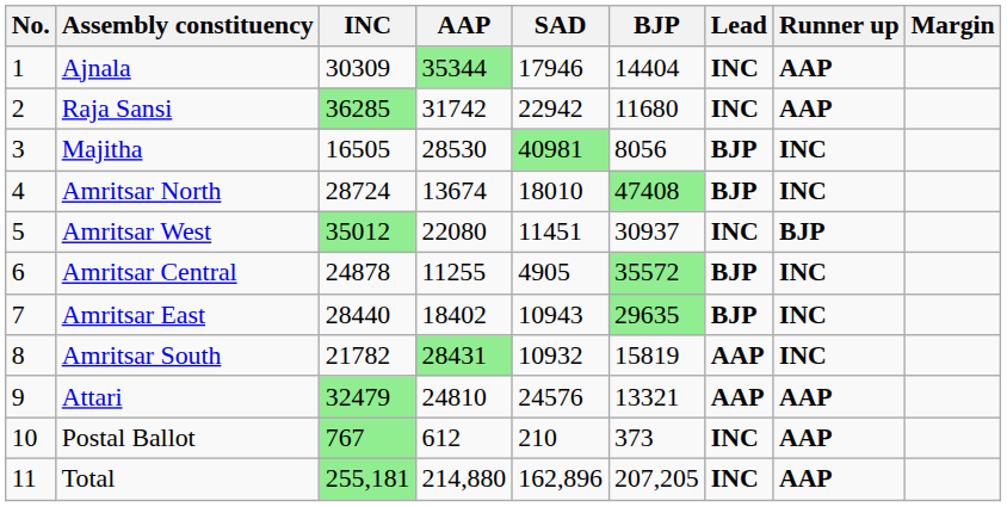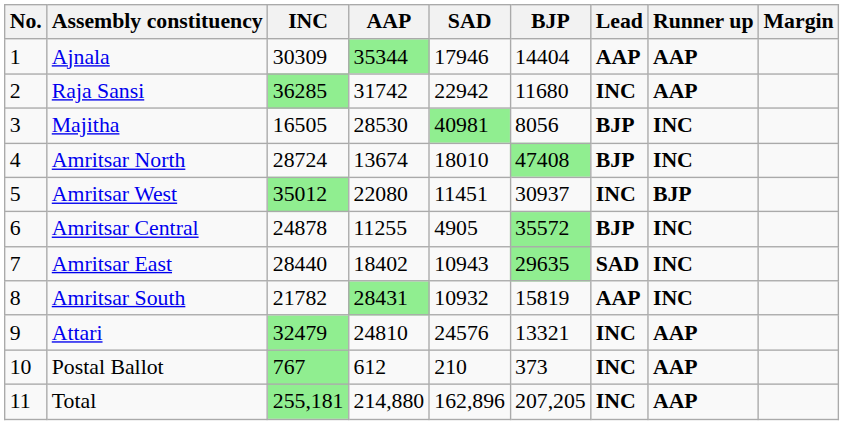 <table class="wikitable sortable">
 <tr>
 <th>No.</th>
 <th>Assembly constituency</th>
 <th>INC</th>
 <th>AAP</th>
 <th>SAD</th>
 <th>BJP</th>
 <th>Lead</th>
 <th>Runner up</th>
 <th>Margin</th>
 </tr>
 <tr>
 <td>1</td>
 <td><a href='#'>Ajnala</a></td>
 <td>30309</td>
 <td bgcolor="lightgreen">35344</td>
 <td>17946</td>
 <td>14404</td>
-<td style="background: "><strong>INC</strong></td>
+<td style="background: "><span><strong>AAP</strong></span></td>
 <td style="background: "><span><strong>AAP</strong></span></td>
 <td></td>
 </tr>
 <tr>
 <td>2</td>
 <td><a href='#'>Raja Sansi</a></td>
 <td bgcolor="lightgreen">36285</td>
 <td>31742</td>
 <td>22942</td>
 <td>11680</td>
 <td style="background: "><strong>INC</strong></td>
 <td style="background: "><span><strong>AAP</strong></span></td>
 <td></td>
 </tr>
 <tr>
 <td>3</td>
 <td><a href='#'>Majitha</a></td>
 <td>16505</td>
 <td>28530</td>
 <td bgcolor="lightgreen">40981</td>
 <td>8056</td>
 <td style="background:"><strong>BJP</strong></td>
 <td style="background: "><strong>INC</strong></td>
 <td></td>
 </tr>
 <tr>
 <td>4</td>
 <td><a href='#'>Amritsar North</a></td>
 <td>28724</td>
 <td>13674</td>
 <td>18010</td>
 <td bgcolor="lightgreen">47408</td>
 <td style="background:"><strong>BJP</strong></td>
 <td style="background: "><strong>INC</strong></td>
 <td></td>
 </tr>
 <tr>
 <td>5</td>
 <td><a href='#'>Amritsar West</a></td>
 <td bgcolor="lightgreen">35012</td>
 <td>22080</td>
 <td>11451</td>
 <td>30937</td>
 <td style="background: "><strong>INC</strong></td>
 <td style="background:"><strong>BJP</strong></td>
 <td></td>
 </tr>
 <tr>
 <td>6</td>
 <td><a href='#'>Amritsar Central</a></td>
 <td>24878</td>
 <td>11255</td>
 <td>4905</td>
 <td bgcolor="lightgreen">35572</td>
 <td style="background:"><strong>BJP</strong></td>
 <td style="background: "><strong>INC</strong></td>
 <td></td>
 </tr>
 <tr>
 <td>7</td>
 <td><a href='#'>Amritsar East</a></td>
 <td>28440</td>
 <td>18402</td>
 <td>10943</td>
 <td bgcolor="lightgreen">29635</td>
-<td style="background:"><strong>BJP</strong></td>
+<td><span><strong>SAD</strong></span></td>
 <td style="background: "><strong>INC</strong></td>
 <td></td>
 </tr>
 <tr>
 <td>8</td>
 <td><a href='#'>Amritsar South</a></td>
 <td>21782</td>
 <td bgcolor="lightgreen">28431</td>
 <td>10932</td>
 <td>15819</td>
 <td style="background: "><span><strong>AAP</strong></span></td>
 <td style="background: "><strong>INC</strong></td>
 <td></td>
 </tr>
 <tr>
 <td>9</td>
 <td><a href='#'>Attari</a></td>
 <td bgcolor="lightgreen">32479</td>
 <td>24810</td>
 <td>24576</td>
 <td>13321</td>
-<td style="background: "><span><strong>AAP</strong></span></td>
+<td style="background: "><strong>INC</strong></td>
 <td style="background: "><span><strong>AAP</strong></span></td>
 <td></td>
 </tr>
 <tr>
 <td>10</td>
 <td>Postal Ballot</td>
 <td bgcolor="lightgreen">767</td>
 <td>612</td>
 <td>210</td>
 <td>373</td>
 <td style="background: "><strong>INC</strong></td>
 <td style="background: "><span><strong>AAP</strong></span></td>
 <td></td>
 </tr>
 <tr>
 <td>11</td>
 <td>Total</td>
 <td bgcolor="lightgreen">255,181</td>
 <td>214,880</td>
 <td>162,896</td>
 <td>207,205</td>
 <td style="background: "><strong>INC</strong></td>
 <td style="background: "><span><strong>AAP</strong></span></td>
 <td></td>
 </tr>
 </table>
